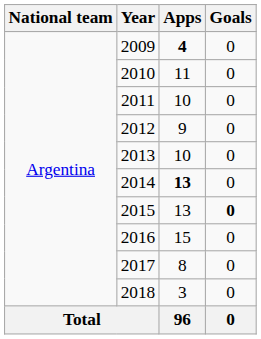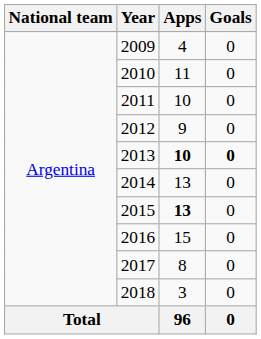 <table class=wikitable style=text-align:center>
 <tr>
 <th>National team</th>
 <th>Year</th>
 <th>Apps</th>
 <th>Goals</th>
 </tr>
 <tr>
 <td rowspan="10"><a href='#'>Argentina</a></td>
 <td>2009</td>
-<td><strong>4</strong></td>
+<td>4</td>
 <td>0</td>
 </tr>
 <tr>
 <td>2010</td>
 <td>11</td>
 <td>0</td>
 </tr>
 <tr>
 <td>2011</td>
 <td>10</td>
 <td>0</td>
 </tr>
 <tr>
 <td>2012</td>
 <td>9</td>
 <td>0</td>
 </tr>
 <tr>
 <td>2013</td>
-<td>10</td>
-<td>0</td>
+<td><strong>10</strong></td>
+<td><strong>0</strong></td>
 </tr>
 <tr>
 <td>2014</td>
-<td><strong>13</strong></td>
+<td>13</td>
 <td>0</td>
 </tr>
 <tr>
 <td>2015</td>
-<td>13</td>
-<td><strong>0</strong></td>
+<td><strong>13</strong></td>
+<td>0</td>
 </tr>
 <tr>
 <td>2016</td>
 <td>15</td>
 <td>0</td>
 </tr>
 <tr>
 <td>2017</td>
 <td>8</td>
 <td>0</td>
 </tr>
 <tr>
 <td>2018</td>
 <td>3</td>
 <td>0</td>
 </tr>
 <tr>
 <th colspan="2">Total</th>
 <th>96</th>
 <th>0</th>
 </tr>
 </table>
